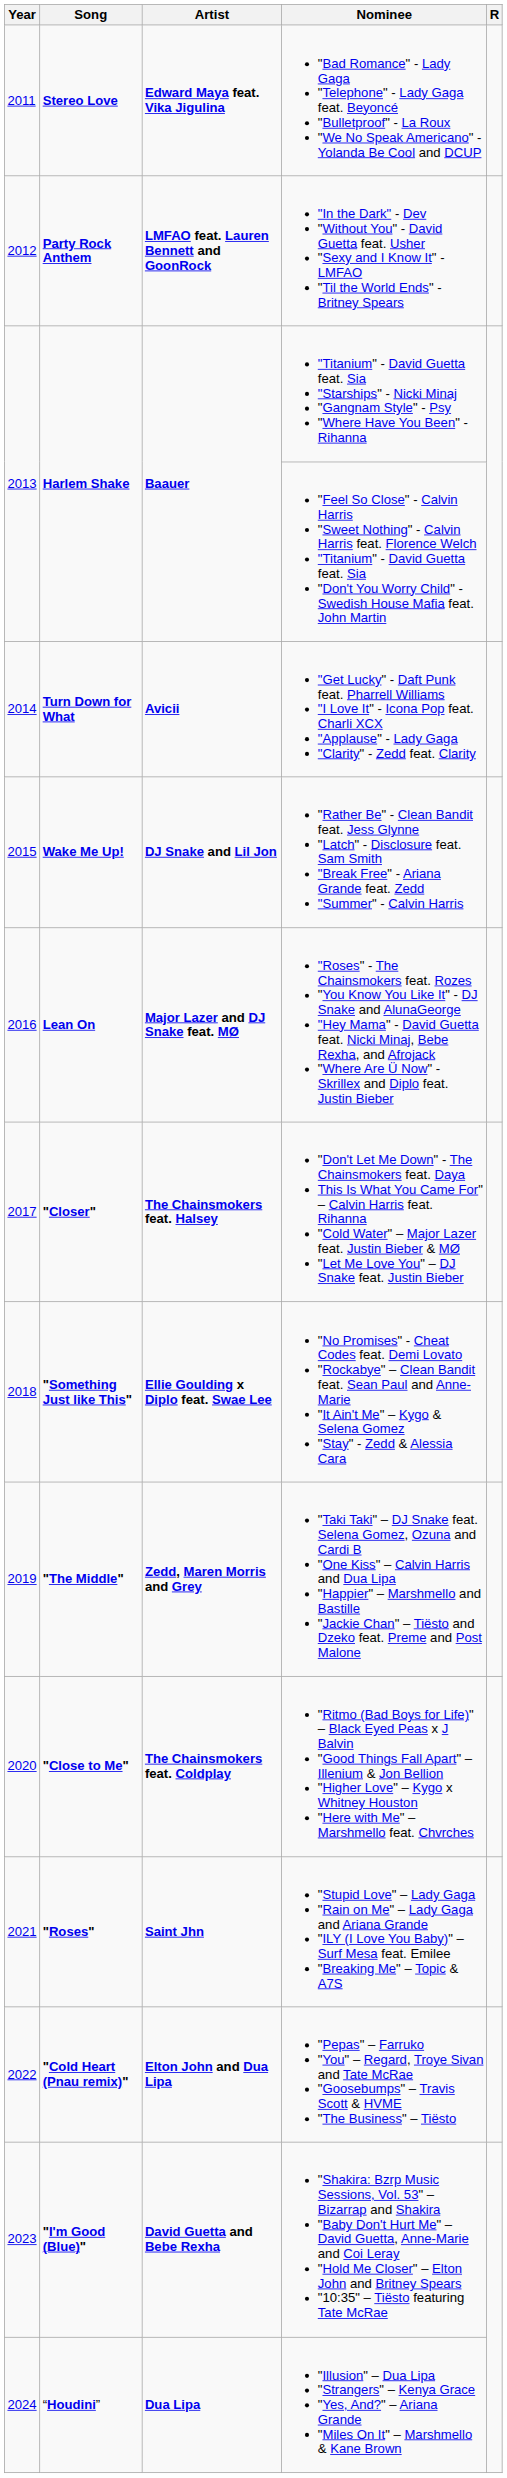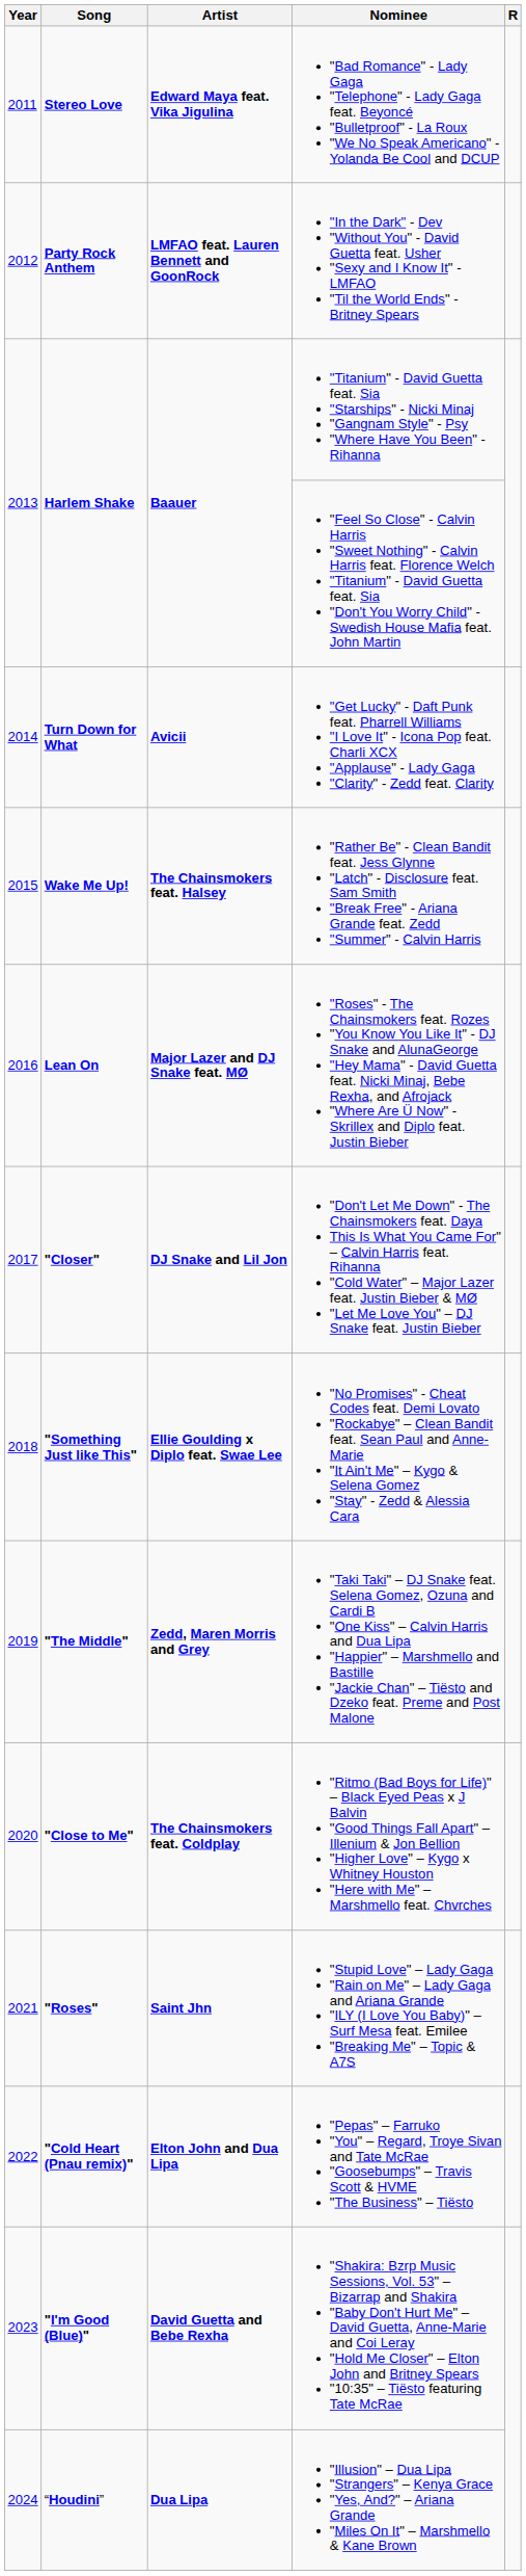 <table class="wikitable">
 <tr>
 <th>Year</th>
 <th>Song</th>
 <th>Artist</th>
 <th>Nominee</th>
 <th>R</th>
 </tr>
 <tr>
 <td><a href='#'>2011</a></td>
 <td><strong><a href='#'>Stereo Love</a></strong></td>
 <td><strong><a href='#'>Edward Maya</a> feat. <a href='#'>Vika Jigulina</a></strong></td>
 <td><br><ul><li>"<a href='#'>Bad Romance</a>" - <a href='#'>Lady Gaga</a></li><li>"<a href='#'>Telephone</a>" - <a href='#'>Lady Gaga</a> feat. <a href='#'>Beyoncé</a></li><li>"<a href='#'>Bulletproof</a>" - <a href='#'>La Roux</a></li><li>"<a href='#'>We No Speak Americano</a>" - <a href='#'>Yolanda Be Cool</a> and <a href='#'>DCUP</a></li></ul></td>
 <td></td>
 </tr>
 <tr>
 <td><a href='#'>2012</a></td>
 <td><strong><a href='#'>Party Rock Anthem</a></strong></td>
 <td><strong><a href='#'>LMFAO</a> feat. <a href='#'>Lauren Bennett</a> and <a href='#'>GoonRock</a></strong></td>
 <td><br><ul><li><a href='#'>"In the Dark"</a> - <a href='#'>Dev</a></li><li>"<a href='#'>Without You</a>" - <a href='#'>David Guetta</a> feat. <a href='#'>Usher</a></li><li>"<a href='#'>Sexy and I Know It</a>" - <a href='#'>LMFAO</a></li><li>"<a href='#'>Til the World Ends</a>" - <a href='#'>Britney Spears</a></li></ul></td>
 <td></td>
 </tr>
 <tr>
 <td rowspan="2"><a href='#'>2013</a></td>
 <td rowspan="2"><a href='#'><strong>Harlem Shake</strong></a></td>
 <td rowspan="2"><strong><a href='#'>Baauer</a></strong></td>
 <td><br><ul><li><a href='#'>"Titanium</a>" - <a href='#'>David Guetta</a> feat. <a href='#'>Sia</a></li><li><a href='#'>"Starships</a>" - <a href='#'>Nicki Minaj</a></li><li>"<a href='#'>Gangnam Style</a>" - <a href='#'>Psy</a></li><li>"<a href='#'>Where Have You Been</a>" - <a href='#'>Rihanna</a></li></ul></td>
 <td rowspan="2"></td>
 </tr>
 <tr>
 <td><br><ul><li>"<a href='#'>Feel So Close</a>" - <a href='#'>Calvin Harris</a></li><li>"<a href='#'>Sweet Nothing</a>" - <a href='#'>Calvin Harris</a> feat. <a href='#'>Florence Welch</a></li><li><a href='#'>"Titanium</a>" - <a href='#'>David Guetta</a> feat. <a href='#'>Sia</a></li><li>"<a href='#'>Don't You Worry Child</a>" - <a href='#'>Swedish House Mafia</a> feat. <a href='#'>John Martin</a></li></ul></td>
 </tr>
 <tr>
 <td><a href='#'>2014</a></td>
 <td><strong><a href='#'>Turn Down for What</a></strong></td>
 <td><strong><a href='#'>Avicii</a></strong></td>
 <td><br><ul><li><a href='#'>"Get Lucky</a>" - <a href='#'>Daft Punk</a> feat. <a href='#'>Pharrell Williams</a></li><li><a href='#'>"I Love It</a>" - <a href='#'>Icona Pop</a> feat. <a href='#'>Charli XCX</a></li><li><a href='#'>"Applause</a>" - <a href='#'>Lady Gaga</a></li><li><a href='#'>"Clarity</a>" - <a href='#'>Zedd</a> feat. <a href='#'>Clarity</a></li></ul></td>
 <td></td>
 </tr>
 <tr>
 <td><a href='#'>2015</a></td>
 <td><a href='#'><strong>Wake Me Up!</strong></a></td>
-<td><strong><a href='#'>DJ Snake</a> and <a href='#'>Lil Jon</a></strong></td>
+<td><strong><a href='#'>The Chainsmokers</a> feat. <a href='#'>Halsey</a></strong></td>
 <td><br><ul><li>"<a href='#'>Rather Be</a>" - <a href='#'>Clean Bandit</a> feat. <a href='#'>Jess Glynne</a></li><li>"<a href='#'>Latch</a>" - <a href='#'>Disclosure</a> feat. <a href='#'>Sam Smith</a></li><li><a href='#'>"Break Free</a>" - <a href='#'>Ariana Grande</a> feat. <a href='#'>Zedd</a></li><li><a href='#'>"Summer</a>" - <a href='#'>Calvin Harris</a></li></ul></td>
 <td></td>
 </tr>
 <tr>
 <td><a href='#'>2016</a></td>
 <td><strong><a href='#'>Lean On</a></strong></td>
 <td><strong><a href='#'>Major Lazer</a> and <a href='#'>DJ Snake</a> feat. <a href='#'>MØ</a></strong></td>
 <td><br><ul><li><a href='#'>"Roses</a>" - <a href='#'>The Chainsmokers</a> feat. <a href='#'>Rozes</a></li><li>"<a href='#'>You Know You Like It</a>" - <a href='#'>DJ Snake</a> and <a href='#'>AlunaGeorge</a></li><li><a href='#'>"Hey Mama</a>" - <a href='#'>David Guetta</a> feat. <a href='#'>Nicki Minaj</a>, <a href='#'>Bebe Rexha</a>, and <a href='#'>Afrojack</a></li><li>"<a href='#'>Where Are Ü Now</a>" - <a href='#'>Skrillex</a> and <a href='#'>Diplo</a> feat. <a href='#'>Justin Bieber</a></li></ul></td>
 <td></td>
 </tr>
 <tr>
 <td><a href='#'>2017</a></td>
 <td><strong>"<a href='#'>Closer</a>"</strong></td>
-<td><strong><a href='#'>The Chainsmokers</a> feat. <a href='#'>Halsey</a></strong></td>
+<td><strong><a href='#'>DJ Snake</a> and <a href='#'>Lil Jon</a></strong></td>
 <td><br><ul><li>"<a href='#'>Don't Let Me Down</a>" - <a href='#'>The Chainsmokers</a> feat. <a href='#'>Daya</a></li><li><a href='#'>This Is What You Came For</a>" – <a href='#'>Calvin Harris</a> feat. <a href='#'>Rihanna</a></li><li>"<a href='#'>Cold Water</a>" – <a href='#'>Major Lazer</a> feat. <a href='#'>Justin Bieber</a> & <a href='#'>MØ</a></li><li>"<a href='#'>Let Me Love You</a>" – <a href='#'>DJ Snake</a> feat. <a href='#'>Justin Bieber</a></li></ul></td>
 <td></td>
 </tr>
 <tr>
 <td><a href='#'>2018</a></td>
 <td><strong>"<a href='#'>Something Just like This</a>"</strong></td>
 <td><strong><a href='#'>Ellie Goulding</a> x <a href='#'>Diplo</a> feat. <a href='#'>Swae Lee</a></strong></td>
 <td><br><ul><li>"<a href='#'>No Promises</a>" - <a href='#'>Cheat Codes</a> feat. <a href='#'>Demi Lovato</a></li><li>"<a href='#'>Rockabye</a>" – <a href='#'>Clean Bandit</a> feat. <a href='#'>Sean Paul</a> and <a href='#'>Anne-Marie</a></li><li>"<a href='#'>It Ain't Me</a>" – <a href='#'>Kygo</a> & <a href='#'>Selena Gomez</a></li><li>"<a href='#'>Stay</a>" - <a href='#'>Zedd</a> & <a href='#'>Alessia Cara</a></li></ul></td>
 <td></td>
 </tr>
 <tr>
 <td><a href='#'>2019</a></td>
 <td><strong>"<a href='#'>The Middle</a>"</strong></td>
 <td><strong><a href='#'>Zedd</a>, <a href='#'>Maren Morris</a> and <a href='#'>Grey</a></strong></td>
 <td><br><ul><li>"<a href='#'>Taki Taki</a>" – <a href='#'>DJ Snake</a> feat. <a href='#'>Selena Gomez</a>, <a href='#'>Ozuna</a> and <a href='#'>Cardi B</a></li><li>"<a href='#'>One Kiss</a>" – <a href='#'>Calvin Harris</a> and <a href='#'>Dua Lipa</a></li><li>"<a href='#'>Happier</a>" – <a href='#'>Marshmello</a> and <a href='#'>Bastille</a></li><li>"<a href='#'>Jackie Chan</a>" – <a href='#'>Tiësto</a> and <a href='#'>Dzeko</a> feat. <a href='#'>Preme</a> and <a href='#'>Post Malone</a></li></ul></td>
 <td></td>
 </tr>
 <tr>
 <td><a href='#'>2020</a></td>
 <td><strong>"<a href='#'>Close to Me</a>"</strong></td>
 <td><strong><a href='#'>The Chainsmokers</a> feat. <a href='#'>Coldplay</a></strong></td>
 <td><br><ul><li>"<a href='#'>Ritmo (Bad Boys for Life)</a>" – <a href='#'>Black Eyed Peas</a> x <a href='#'>J Balvin</a></li><li>"<a href='#'>Good Things Fall Apart</a>" – <a href='#'>Illenium</a> & <a href='#'>Jon Bellion</a></li><li>"<a href='#'>Higher Love</a>" – <a href='#'>Kygo</a> x <a href='#'>Whitney Houston</a></li><li>"<a href='#'>Here with Me</a>" – <a href='#'>Marshmello</a> feat. <a href='#'>Chvrches</a></li></ul></td>
 <td></td>
 </tr>
 <tr>
 <td><a href='#'>2021</a></td>
 <td><strong>"<a href='#'>Roses</a>"</strong></td>
 <td><strong><a href='#'>Saint Jhn</a></strong></td>
 <td><br><ul><li>"<a href='#'>Stupid Love</a>" – <a href='#'>Lady Gaga</a></li><li>"<a href='#'>Rain on Me</a>" – <a href='#'>Lady Gaga</a> and <a href='#'>Ariana Grande</a></li><li>"<a href='#'>ILY (I Love You Baby)</a>" – <a href='#'>Surf Mesa</a> feat. Emilee</li><li>"<a href='#'>Breaking Me</a>" – <a href='#'>Topic</a> & <a href='#'>A7S</a></li></ul></td>
 <td></td>
 </tr>
 <tr>
 <td><a href='#'>2022</a></td>
 <td><strong>"<a href='#'>Cold Heart (Pnau remix)</a>"</strong></td>
 <td><strong><a href='#'>Elton John</a> and <a href='#'>Dua Lipa</a></strong></td>
 <td><br><ul><li>"<a href='#'>Pepas</a>" – <a href='#'>Farruko</a></li><li>"<a href='#'>You</a>" – <a href='#'>Regard</a>, <a href='#'>Troye Sivan</a> and <a href='#'>Tate McRae</a></li><li>"<a href='#'>Goosebumps</a>" – <a href='#'>Travis Scott</a> & <a href='#'>HVME</a></li><li>"<a href='#'>The Business</a>" – <a href='#'>Tiësto</a></li></ul></td>
 <td></td>
 </tr>
 <tr>
 <td><a href='#'>2023</a></td>
 <td><strong>"<a href='#'>I'm Good (Blue)</a>"</strong></td>
 <td><strong><a href='#'>David Guetta</a> and <a href='#'>Bebe Rexha</a></strong></td>
 <td><br><ul><li>"<a href='#'>Shakira: Bzrp Music Sessions, Vol. 53</a>" – <a href='#'>Bizarrap</a> and <a href='#'>Shakira</a></li><li>"<a href='#'>Baby Don't Hurt Me</a>" – <a href='#'>David Guetta</a>, <a href='#'>Anne-Marie</a> and <a href='#'>Coi Leray</a></li><li>"<a href='#'>Hold Me Closer</a>" – <a href='#'>Elton John</a> and <a href='#'>Britney Spears</a></li><li>"10:35" – <a href='#'>Tiësto</a> featuring <a href='#'>Tate McRae</a></li></ul></td>
 </tr>
 <tr>
 <td><a href='#'>2024</a></td>
 <td>“<a href='#'><strong>Houdini</strong></a>”</td>
 <td><strong><a href='#'>Dua Lipa</a></strong></td>
 <td><br><ul><li>"<a href='#'>Illusion</a>" – <a href='#'>Dua Lipa</a></li><li>"<a href='#'>Strangers</a>" – <a href='#'>Kenya Grace</a></li><li>"<a href='#'>Yes, And?</a>" – <a href='#'>Ariana Grande</a></li><li>"<a href='#'>Miles On It</a>" – <a href='#'>Marshmello</a> & <a href='#'>Kane Brown</a></li></ul></td>
 </tr>
 </table>
